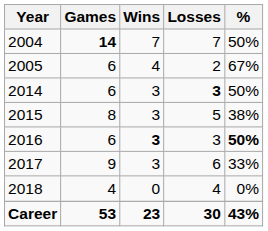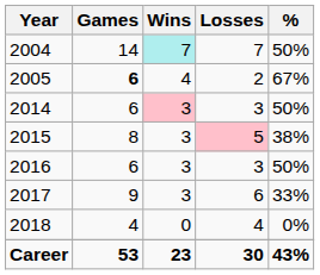 <table class="wikitable sortable" style="font-size:95%; text-align:right;">
 <tr>
 <th>Year</th>
 <th>Games</th>
 <th>Wins</th>
 <th>Losses</th>
 <th>%</th>
 </tr>
 <tr>
 <td style="text-align:left;">2004</td>
-<td><strong>14</strong></td>
-<td>7</td>
+<td>14</td>
+<td style="background: paleturquoise;">7</td>
 <td>7</td>
 <td>50%</td>
 </tr>
 <tr>
 <td style="text-align:left;">2005</td>
-<td>6</td>
+<td><strong>6</strong></td>
 <td>4</td>
 <td>2</td>
 <td>67%</td>
 </tr>
 <tr>
 <td style="text-align:left;">2014</td>
 <td>6</td>
+<td style="background: pink;">3</td>
 <td>3</td>
-<td><strong>3</strong></td>
 <td>50%</td>
 </tr>
 <tr>
 <td style="text-align:left;">2015</td>
 <td>8</td>
 <td>3</td>
-<td>5</td>
+<td style="background: pink;">5</td>
 <td>38%</td>
 </tr>
 <tr>
 <td style="text-align:left;">2016</td>
 <td>6</td>
-<td><strong>3</strong></td>
 <td>3</td>
-<td><strong>50%</strong></td>
+<td>3</td>
+<td>50%</td>
 </tr>
 <tr>
 <td style="text-align:left;">2017</td>
 <td>9</td>
 <td>3</td>
 <td>6</td>
 <td>33%</td>
 </tr>
 <tr>
 <td style="text-align:left;">2018</td>
 <td>4</td>
 <td>0</td>
 <td>4</td>
 <td>0%</td>
 </tr>
 <tr>
 </tr>
 <tr class="sortbottom">
 <td style="text-align:center;"><strong>Career</strong></td>
 <td><strong>53</strong></td>
 <td><strong>23</strong></td>
 <td><strong>30</strong></td>
 <td><strong>43%</strong></td>
 </tr>
 </table>
